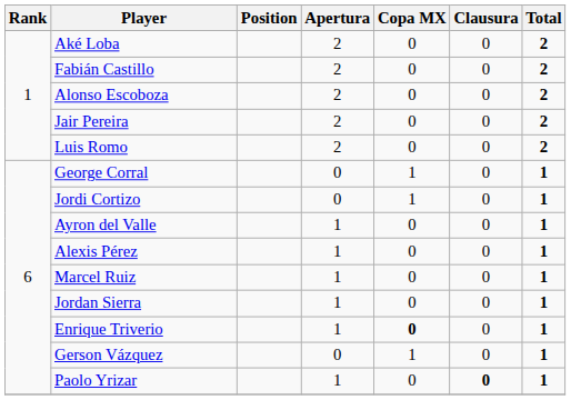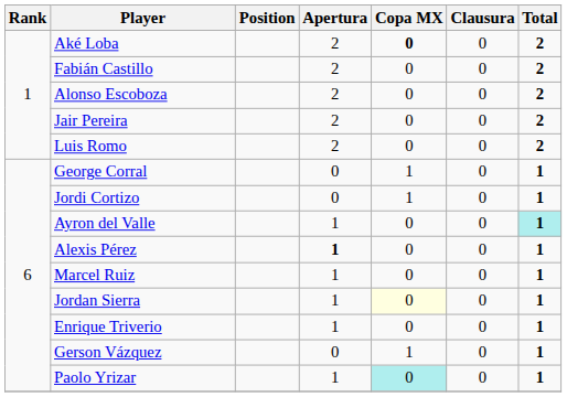 <table class="wikitable">
 <tr>
 <th>Rank</th>
 <th style="width:175px;">Player</th>
 <th>Position</th>
 <th>Apertura</th>
 <th>Copa MX</th>
 <th>Clausura</th>
 <th>Total</th>
 </tr>
 <tr>
 <td align=center rowspan=5>1</td>
 <td> <a href='#'>Aké Loba</a></td>
 <td align=center></td>
 <td align=center>2</td>
-<td align=center>0</td>
+<td align=center><strong>0</strong></td>
 <td align=center>0</td>
 <td align=center><strong>2</strong></td>
 </tr>
 <tr>
 <td> <a href='#'>Fabián Castillo</a></td>
 <td align=center></td>
 <td align=center>2</td>
 <td align=center>0</td>
 <td align=center>0</td>
 <td align=center><strong>2</strong></td>
 </tr>
 <tr>
 <td> <a href='#'>Alonso Escoboza</a></td>
 <td align=center></td>
 <td align=center>2</td>
 <td align=center>0</td>
 <td align=center>0</td>
 <td align=center><strong>2</strong></td>
 </tr>
 <tr>
 <td> <a href='#'>Jair Pereira</a></td>
 <td align=center></td>
 <td align=center>2</td>
 <td align=center>0</td>
 <td align=center>0</td>
 <td align=center><strong>2</strong></td>
 </tr>
 <tr>
 <td> <a href='#'>Luis Romo</a></td>
 <td align=center></td>
 <td align=center>2</td>
 <td align=center>0</td>
 <td align=center>0</td>
 <td align=center><strong>2</strong></td>
 </tr>
 <tr>
 <td align=center rowspan=9>6</td>
 <td> <a href='#'>George Corral</a></td>
 <td align=center></td>
 <td align=center>0</td>
 <td align=center>1</td>
 <td align=center>0</td>
 <td align=center><strong>1</strong></td>
 </tr>
 <tr>
 <td> <a href='#'>Jordi Cortizo</a></td>
 <td align=center></td>
 <td align=center>0</td>
 <td align=center>1</td>
 <td align=center>0</td>
 <td align=center><strong>1</strong></td>
 </tr>
 <tr>
 <td> <a href='#'>Ayron del Valle</a></td>
 <td align=center></td>
 <td align=center>1</td>
 <td align=center>0</td>
 <td align=center>0</td>
-<td align=center><strong>1</strong></td>
+<td align=center style="background: paleturquoise;"><strong>1</strong></td>
 </tr>
 <tr>
 <td> <a href='#'>Alexis Pérez</a></td>
 <td align=center></td>
-<td align=center>1</td>
+<td align=center><strong>1</strong></td>
 <td align=center>0</td>
 <td align=center>0</td>
 <td align=center><strong>1</strong></td>
 </tr>
 <tr>
 <td> <a href='#'>Marcel Ruiz</a></td>
 <td align=center></td>
 <td align=center>1</td>
 <td align=center>0</td>
 <td align=center>0</td>
 <td align=center><strong>1</strong></td>
 </tr>
 <tr>
 <td> <a href='#'>Jordan Sierra</a></td>
 <td align=center></td>
 <td align=center>1</td>
-<td align=center>0</td>
+<td align=center style="background: lightyellow;">0</td>
 <td align=center>0</td>
 <td align=center><strong>1</strong></td>
 </tr>
 <tr>
 <td> <a href='#'>Enrique Triverio</a></td>
 <td align=center></td>
 <td align=center>1</td>
-<td align=center><strong>0</strong></td>
+<td align=center>0</td>
 <td align=center>0</td>
 <td align=center><strong>1</strong></td>
 </tr>
 <tr>
 <td> <a href='#'>Gerson Vázquez</a></td>
 <td align=center></td>
 <td align=center>0</td>
 <td align=center>1</td>
 <td align=center>0</td>
 <td align=center><strong>1</strong></td>
 </tr>
 <tr>
 <td> <a href='#'>Paolo Yrizar</a></td>
 <td align=center></td>
 <td align=center>1</td>
+<td align=center style="background: paleturquoise;">0</td>
 <td align=center>0</td>
-<td align=center><strong>0</strong></td>
 <td align=center><strong>1</strong></td>
 </tr>
 <tr>
 </tr>
 </table>
